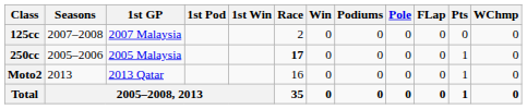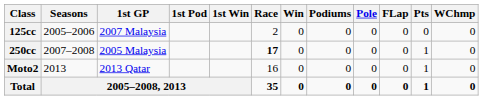 <table class="wikitable" style="font-size:98%; text-align:right;">
 <tr>
 <th>Class</th>
 <th>Seasons</th>
 <th>1st GP</th>
 <th>1st Pod</th>
 <th>1st Win</th>
 <th>Race</th>
 <th>Win</th>
 <th>Podiums</th>
 <th><a href='#'>Pole</a></th>
 <th>FLap</th>
 <th>Pts</th>
 <th>WChmp</th>
 </tr>
 <tr>
 <th>125cc</th>
-<td>2007–2008</td>
+<td>2005–2006</td>
 <td align="left"><a href='#'>2007 Malaysia</a></td>
 <td align="left"></td>
 <td align="left"></td>
 <td>2</td>
 <td>0</td>
 <td>0</td>
 <td>0</td>
 <td>0</td>
 <td>0</td>
 <td>0</td>
 </tr>
 <tr>
 <th>250cc</th>
-<td>2005–2006</td>
+<td>2007–2008</td>
 <td align="left"><a href='#'>2005 Malaysia</a></td>
 <td align="left"></td>
 <td align="left"></td>
 <td><strong>17</strong></td>
 <td>0</td>
 <td>0</td>
 <td>0</td>
 <td>0</td>
 <td>1</td>
 <td>0</td>
 </tr>
 <tr>
 <th>Moto2</th>
 <td align="left">2013</td>
 <td align="left"><a href='#'>2013 Qatar</a></td>
 <td align="left"></td>
 <td align="left"></td>
 <td>16</td>
 <td>0</td>
 <td>0</td>
 <td>0</td>
 <td>0</td>
 <td>1</td>
 <td>0</td>
 </tr>
 <tr>
 <th>Total</th>
 <th colspan=4>2005–2008, 2013</th>
 <td><strong>35</strong></td>
 <td><strong>0</strong></td>
 <td><strong>0</strong></td>
 <td><strong>0</strong></td>
 <td><strong>0</strong></td>
 <td><strong>1</strong></td>
 <td><strong>0</strong></td>
 </tr>
 </table>
